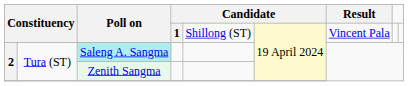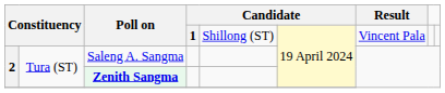 <table class="wikitable sortable" style="text-align:center;">
 <tr>
 <th colspan="2" rowspan="2">Constituency</th>
 <th rowspan="2">Poll on</th>
 <th colspan="3">Candidate</th>
 <th>Result</th>
 </tr>
 <tr>
 <th>1</th>
 <td><a href='#'>Shillong</a> (ST)</td>
 <td rowspan="3" bgcolor=#FFFACD>19 April 2024</td>
 <td><a href='#'>Vincent Pala</a></td>
 <td></td>
 <td></td>
 </tr>
 <tr>
 <th rowspan="2">2</th>
 <td rowspan="2"><a href='#'>Tura</a> (ST)</td>
-<td style="background: paleturquoise;"><a href='#'>Saleng A. Sangma</a></td>
+<td><a href='#'>Saleng A. Sangma</a></td>
 <td></td>
 <td></td>
 </tr>
 <tr>
-<td style="background:#e8f9ec"><a href='#'>Zenith Sangma</a></td>
+<td style="background:#e8f9ec"><strong><a href='#'>Zenith Sangma</a></strong></td>
 <td></td>
 <td></td>
 </tr>
 <tr>
 </tr>
 </table>
